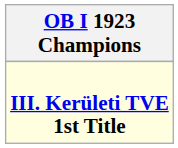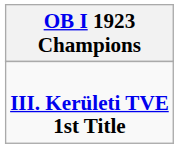 <table class="wikitable" style="text-align: center; margin: 0 auto;">
 <tr>
 <th><a href='#'>OB I</a> 1923<br>Champions</th>
 </tr>
 <tr>
 </tr>
 <tr>
-<td style="background: lightyellow;"><br><strong><a href='#'>III. Kerületi TVE</a></strong><br><strong>1st Title</strong></td>
+<td><br><strong><a href='#'>III. Kerületi TVE</a></strong><br><strong>1st Title</strong></td>
 </tr>
 </table>
